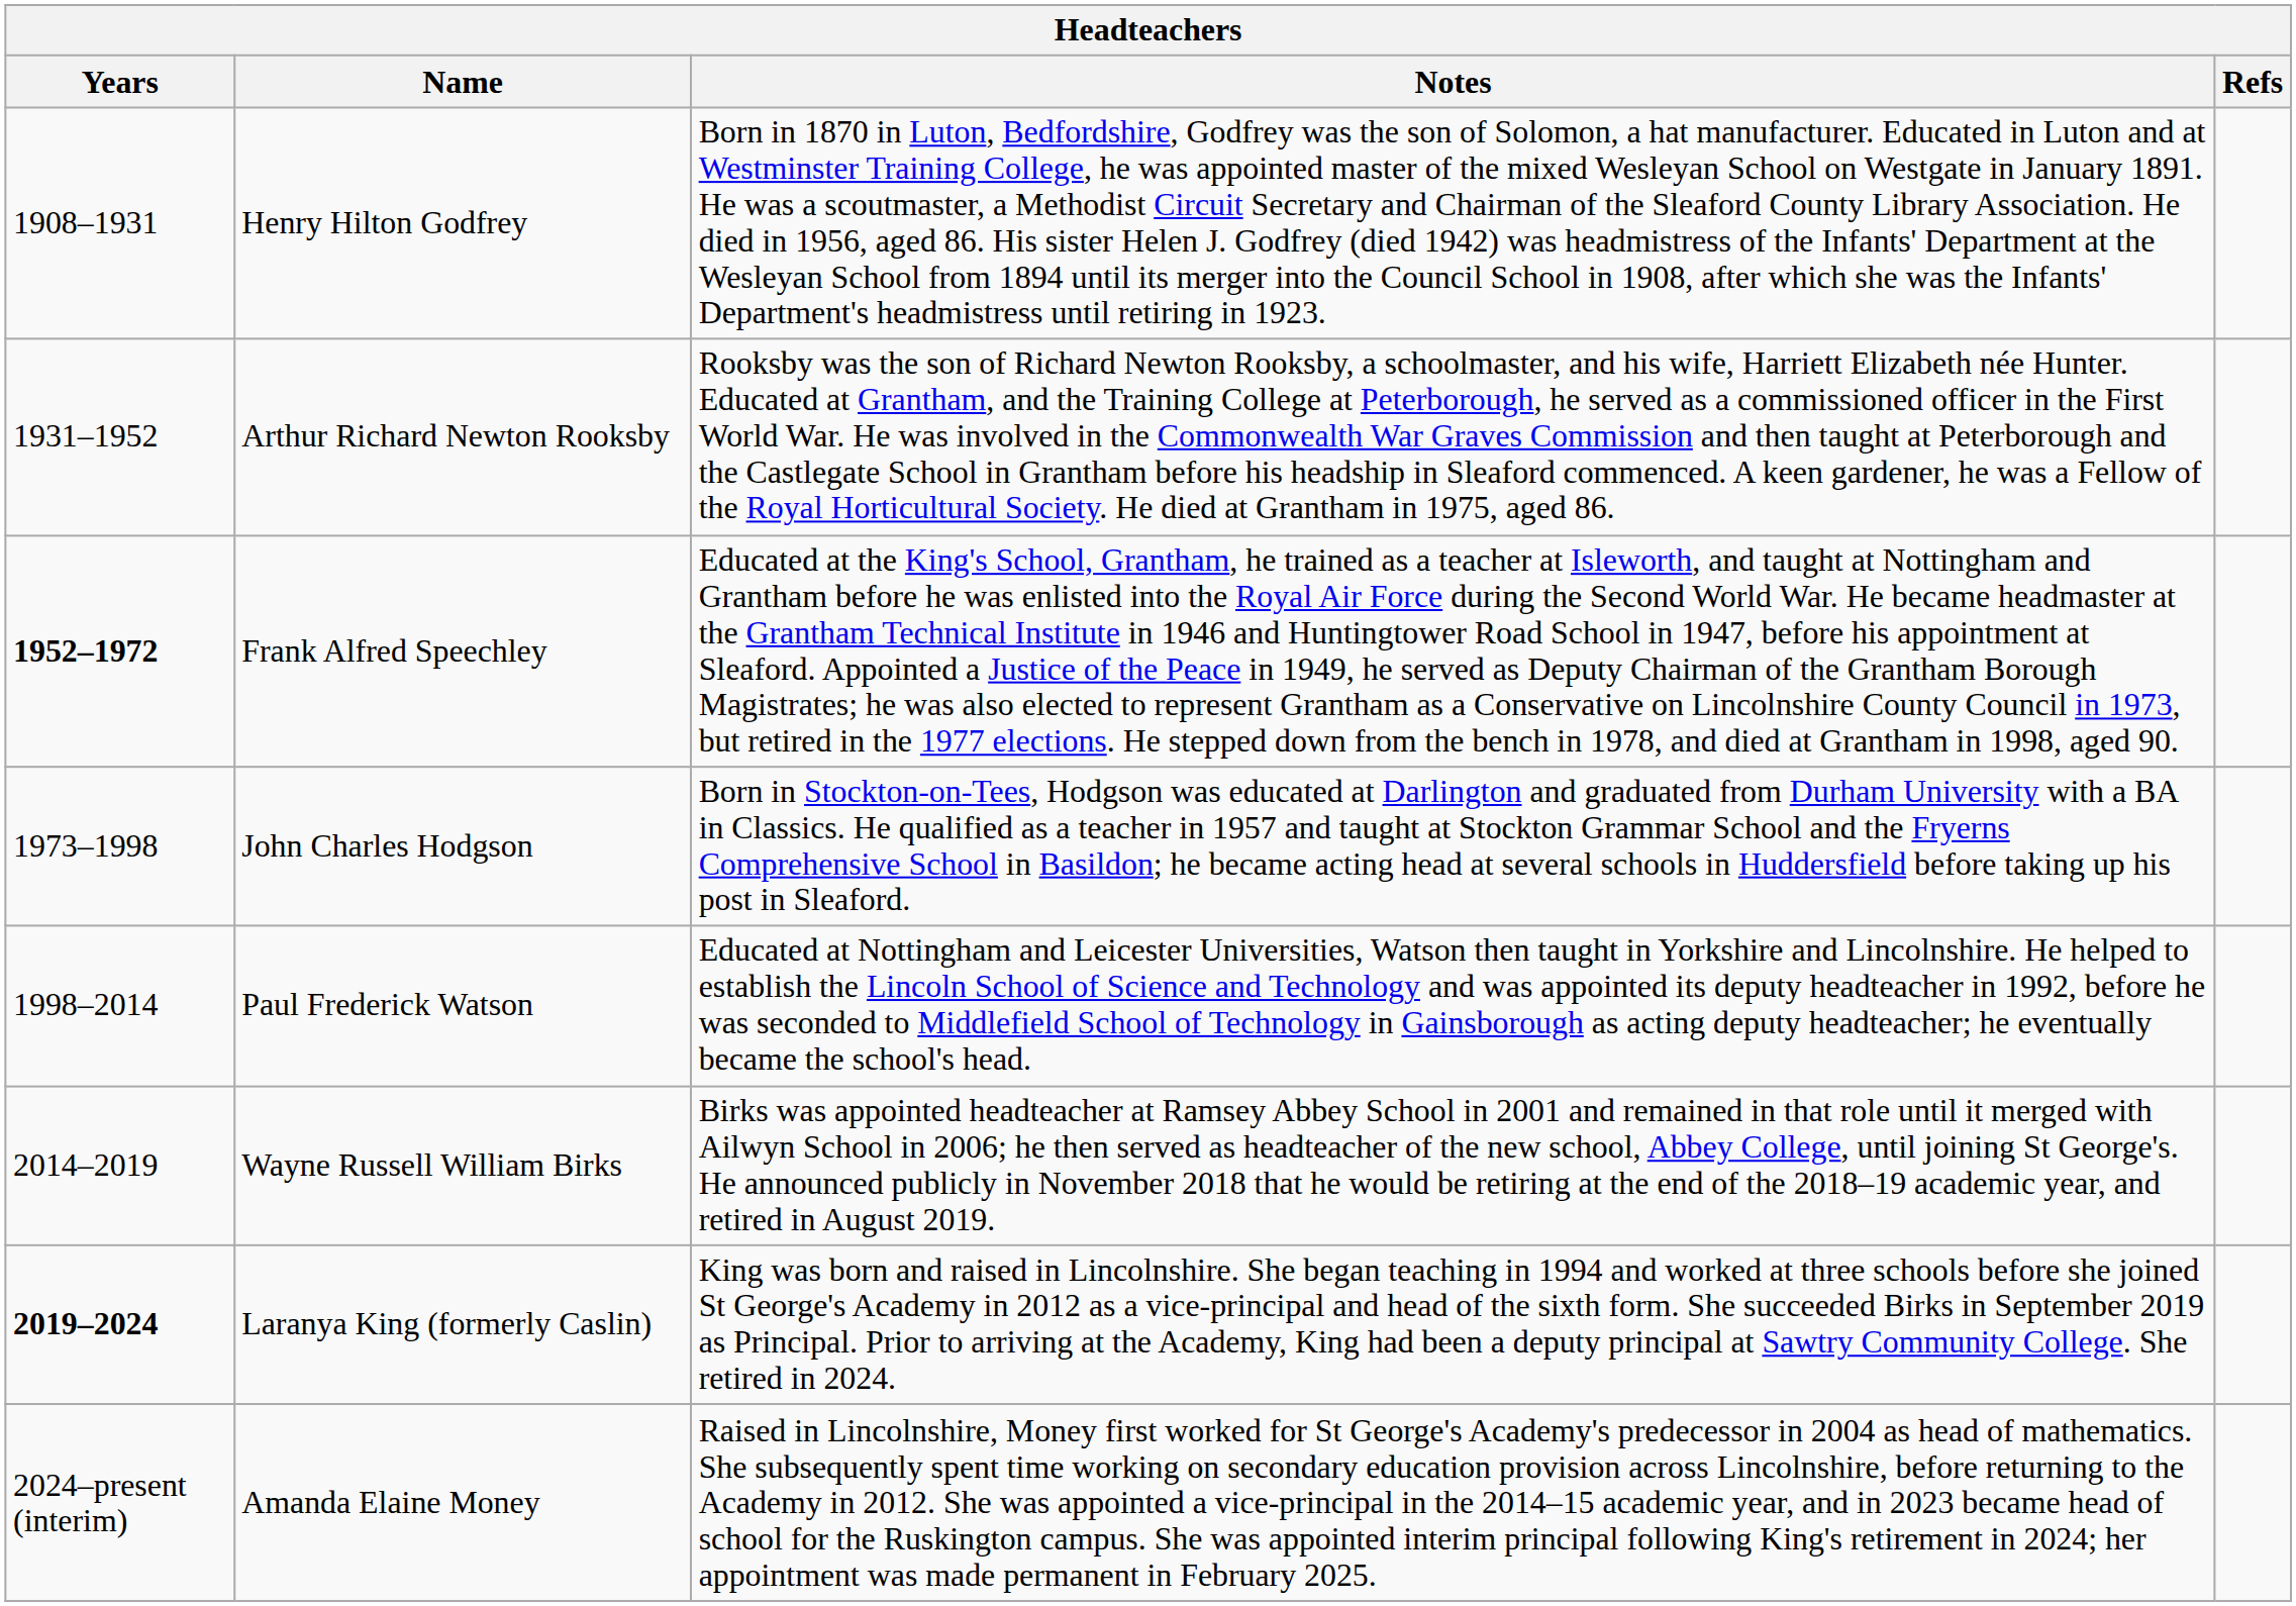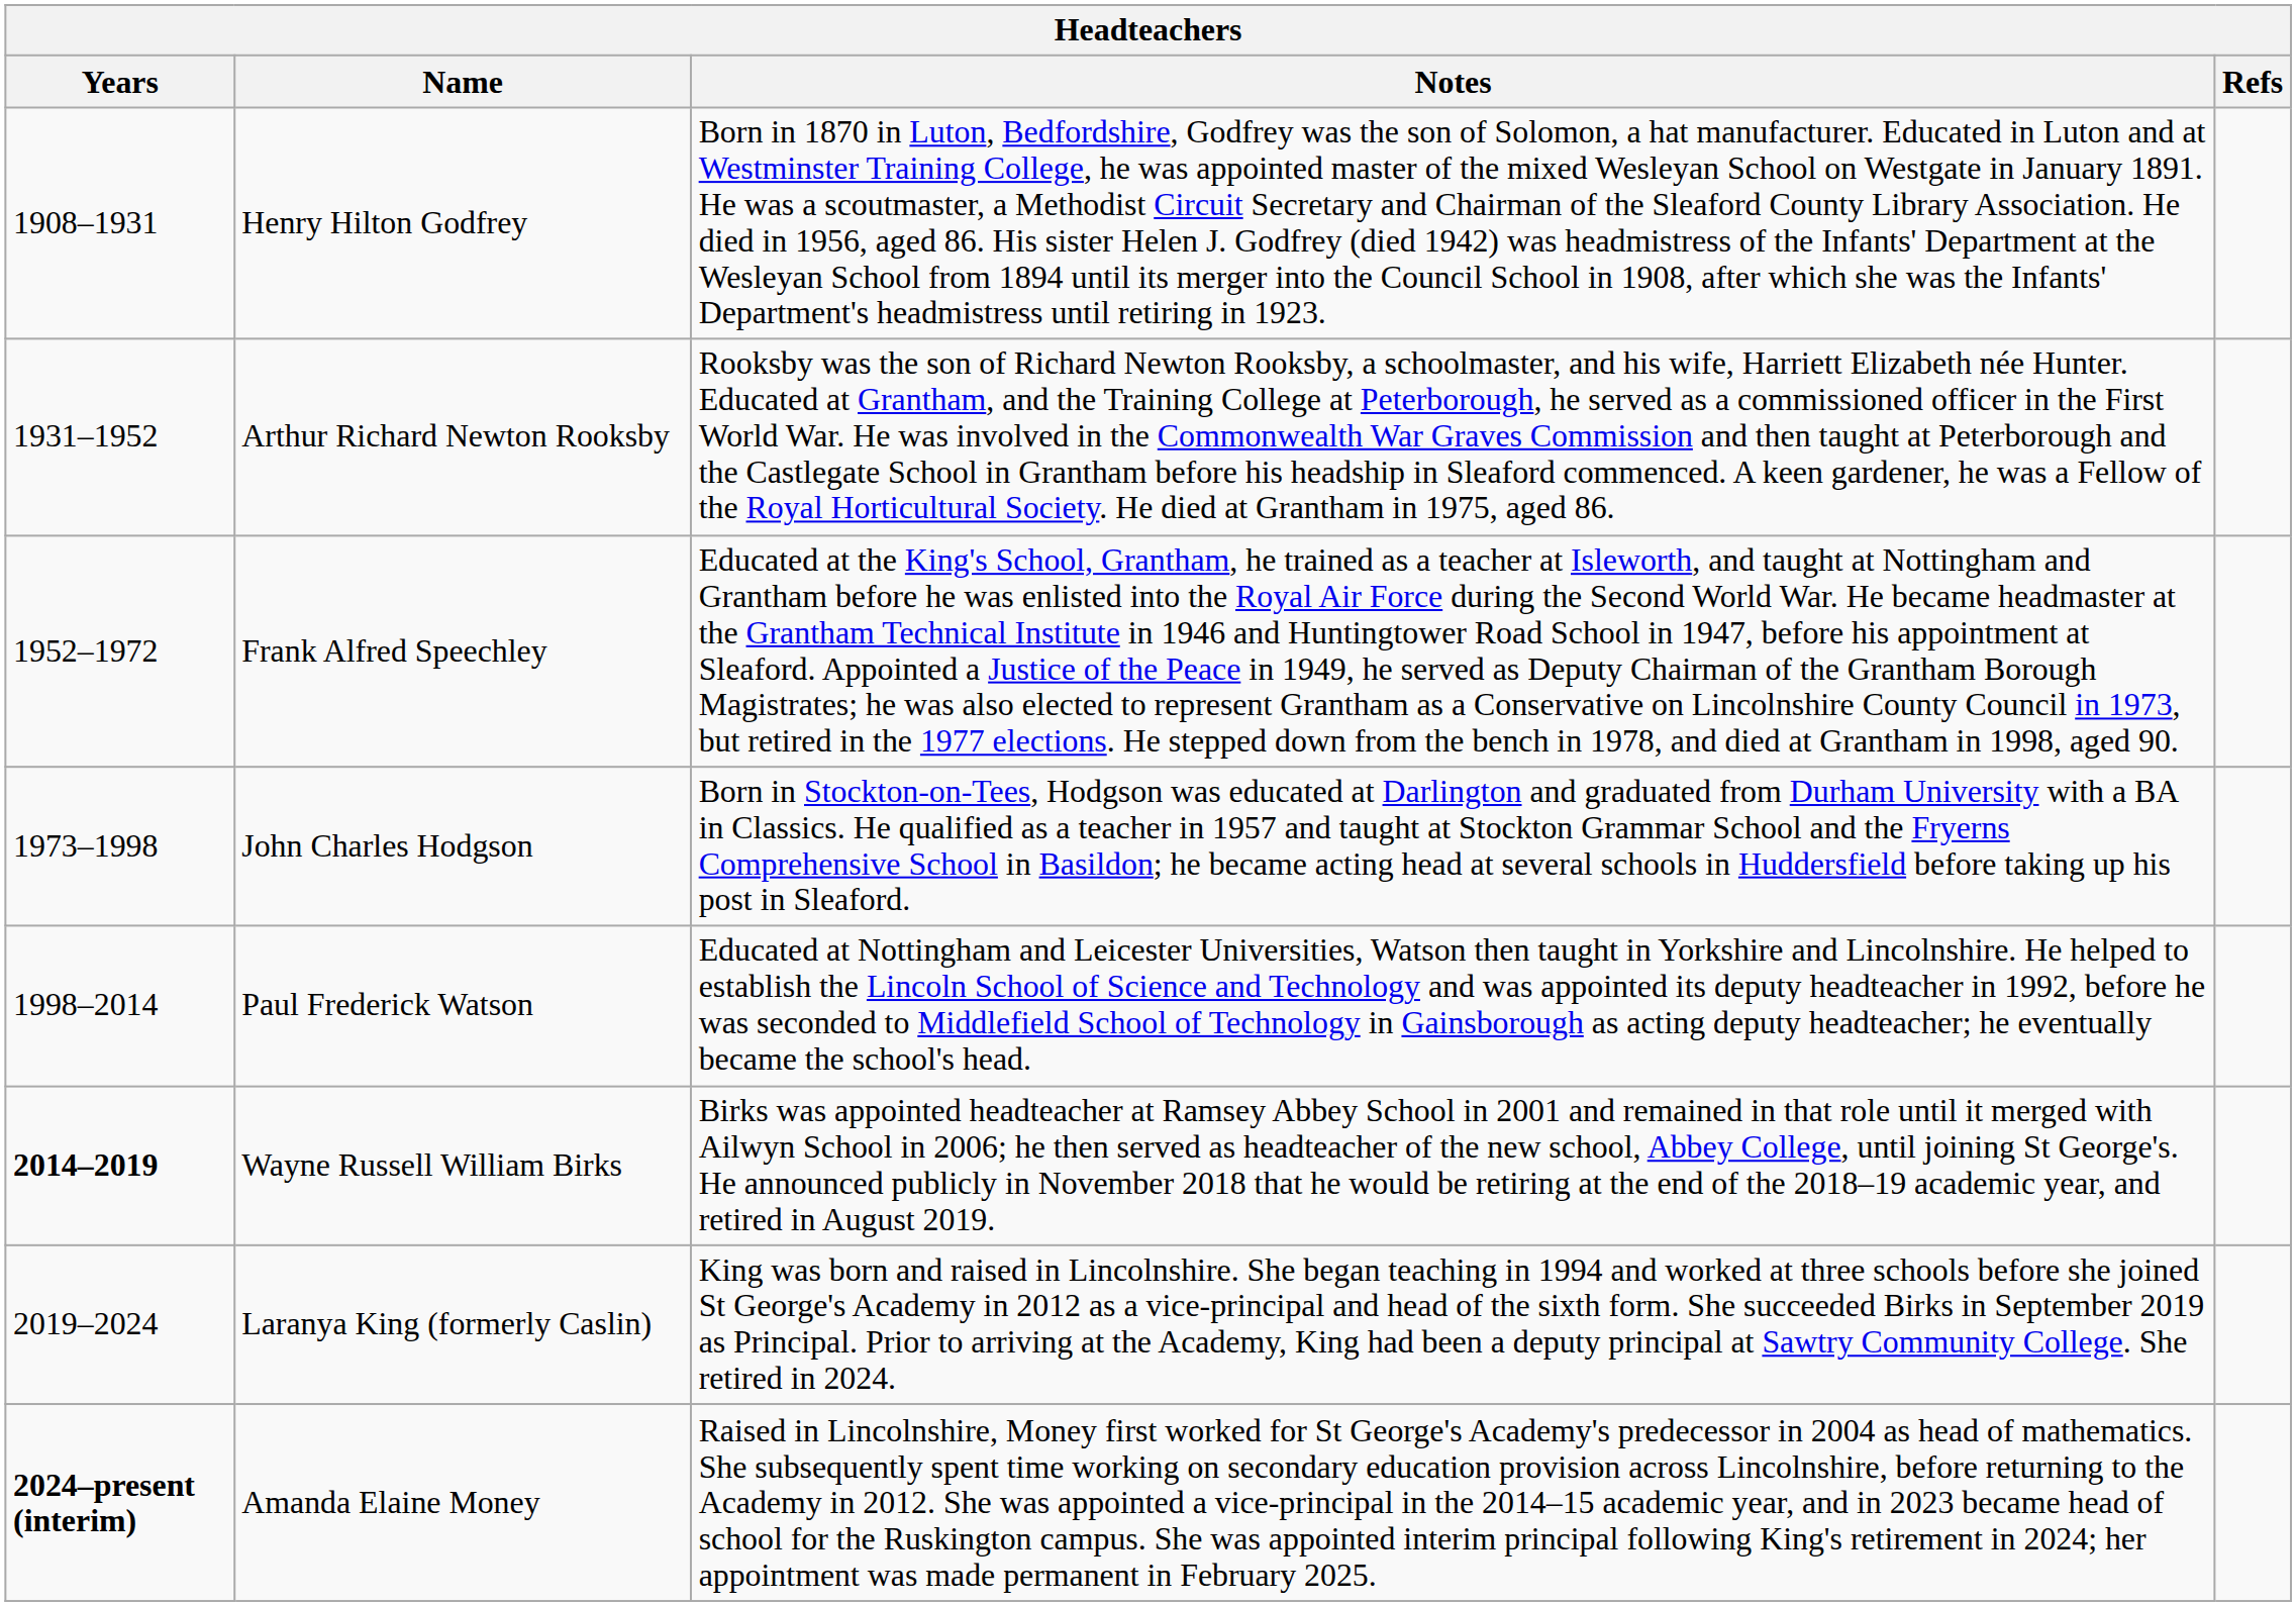 <table class="wikitable collapsible collapsed" style="width:90%; margin:auto">
 <tr>
 <th colspan="4">Headteachers</th>
 </tr>
 <tr>
 <th width="10%">Years</th>
 <th width="20%">Name</th>
 <th>Notes</th>
 <th>Refs</th>
 </tr>
 <tr>
 <td>1908–1931</td>
 <td>Henry Hilton Godfrey</td>
 <td>Born in 1870 in <a href='#'>Luton</a>, <a href='#'>Bedfordshire</a>, Godfrey was the son of Solomon, a hat manufacturer. Educated in Luton and at <a href='#'>Westminster Training College</a>, he was appointed master of the mixed Wesleyan School on Westgate in January 1891. He was a scoutmaster, a Methodist <a href='#'>Circuit</a> Secretary and Chairman of the Sleaford County Library Association. He died in 1956, aged 86. His sister Helen J. Godfrey (died 1942) was headmistress of the Infants' Department at the Wesleyan School from 1894 until its merger into the Council School in 1908, after which she was the Infants' Department's headmistress until retiring in 1923.</td>
 <td></td>
 </tr>
 <tr>
 <td>1931–1952</td>
 <td>Arthur Richard Newton Rooksby</td>
 <td>Rooksby was the son of Richard Newton Rooksby, a schoolmaster, and his wife, Harriett Elizabeth née Hunter. Educated at <a href='#'>Grantham</a>, and the Training College at <a href='#'>Peterborough</a>, he served as a commissioned officer in the First World War. He was involved in the <a href='#'>Commonwealth War Graves Commission</a> and then taught at Peterborough and the Castlegate School in Grantham before his headship in Sleaford commenced. A keen gardener, he was a Fellow of the <a href='#'>Royal Horticultural Society</a>. He died at Grantham in 1975, aged 86.</td>
 <td></td>
 </tr>
 <tr>
-<td><strong>1952–1972</strong></td>
+<td>1952–1972</td>
 <td>Frank Alfred Speechley</td>
 <td>Educated at the <a href='#'>King's School, Grantham</a>, he trained as a teacher at <a href='#'>Isleworth</a>, and taught at Nottingham and Grantham before he was enlisted into the <a href='#'>Royal Air Force</a> during the Second World War. He became headmaster at the <a href='#'>Grantham Technical Institute</a> in 1946 and Huntingtower Road School in 1947, before his appointment at Sleaford. Appointed a <a href='#'>Justice of the Peace</a> in 1949, he served as Deputy Chairman of the Grantham Borough Magistrates; he was also elected to represent Grantham as a Conservative on Lincolnshire County Council <a href='#'>in 1973</a>, but retired in the <a href='#'>1977 elections</a>. He stepped down from the bench in 1978, and died at Grantham in 1998, aged 90.</td>
 <td></td>
 </tr>
 <tr>
 <td>1973–1998</td>
 <td>John Charles Hodgson</td>
 <td>Born in <a href='#'>Stockton-on-Tees</a>, Hodgson was educated at <a href='#'>Darlington</a> and graduated from <a href='#'>Durham University</a> with a BA in Classics. He qualified as a teacher in 1957 and taught at Stockton Grammar School and the <a href='#'>Fryerns Comprehensive School</a> in <a href='#'>Basildon</a>; he became acting head at several schools in <a href='#'>Huddersfield</a> before taking up his post in Sleaford.</td>
 <td></td>
 </tr>
 <tr>
 <td>1998–2014</td>
 <td>Paul Frederick Watson</td>
 <td>Educated at Nottingham and Leicester Universities, Watson then taught in Yorkshire and Lincolnshire. He helped to establish the <a href='#'>Lincoln School of Science and Technology</a> and was appointed its deputy headteacher in 1992, before he was seconded to <a href='#'>Middlefield School of Technology</a> in <a href='#'>Gainsborough</a> as acting deputy headteacher; he eventually became the school's head.</td>
 <td></td>
 </tr>
 <tr>
-<td>2014–2019</td>
+<td><strong>2014–2019</strong></td>
 <td>Wayne Russell William Birks</td>
 <td>Birks was appointed headteacher at Ramsey Abbey School in 2001 and remained in that role until it merged with Ailwyn School in 2006; he then served as headteacher of the new school, <a href='#'>Abbey College</a>, until joining St George's. He announced publicly in November 2018 that he would be retiring at the end of the 2018–19 academic year, and retired in August 2019.</td>
 <td></td>
 </tr>
 <tr>
-<td><strong>2019–2024</strong></td>
+<td>2019–2024</td>
 <td>Laranya King (formerly Caslin)</td>
 <td>King was born and raised in Lincolnshire. She began teaching in 1994 and worked at three schools before she joined St George's Academy in 2012 as a vice-principal and head of the sixth form. She succeeded Birks in September 2019 as Principal. Prior to arriving at the Academy, King had been a deputy principal at <a href='#'>Sawtry Community College</a>. She retired in 2024.</td>
 <td></td>
 </tr>
 <tr>
-<td>2024–present<br>(interim)</td>
+<td><strong>2024–present<br>(interim)</strong></td>
 <td>Amanda Elaine Money</td>
 <td>Raised in Lincolnshire, Money first worked for St George's Academy's predecessor in 2004 as head of mathematics. She subsequently spent time working on secondary education provision across Lincolnshire, before returning to the Academy in 2012. She was appointed a vice-principal in the 2014–15 academic year, and in 2023 became head of school for the Ruskington campus. She was appointed interim principal following King's retirement in 2024; her appointment was made permanent in February 2025.</td>
 <td></td>
 </tr>
 </table>
